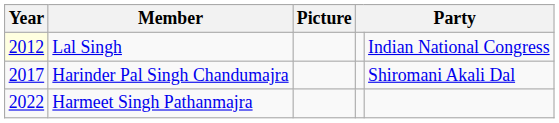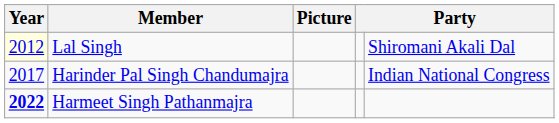 <table class="wikitable sortable">
 <tr>
 <th>Year</th>
 <th>Member</th>
 <th>Picture</th>
 <th colspan="2">Party</th>
 </tr>
 <tr>
 <td style="background: lightyellow;"><a href='#'>2012</a></td>
 <td><a href='#'>Lal Singh</a></td>
 <td></td>
 <td style="background-color: "></td>
-<td><a href='#'>Indian National Congress</a></td>
+<td><a href='#'>Shiromani Akali Dal</a></td>
 </tr>
 <tr>
 <td><a href='#'>2017</a></td>
 <td><a href='#'>Harinder Pal Singh Chandumajra</a></td>
 <td></td>
 <td style="background-color: "></td>
-<td><a href='#'>Shiromani Akali Dal</a></td>
+<td><a href='#'>Indian National Congress</a></td>
 </tr>
 <tr>
-<td><a href='#'>2022</a></td>
+<td><strong><a href='#'>2022</a></strong></td>
 <td><a href='#'>Harmeet Singh Pathanmajra</a></td>
 <td></td>
 <td></td>
 </tr>
 </table>
